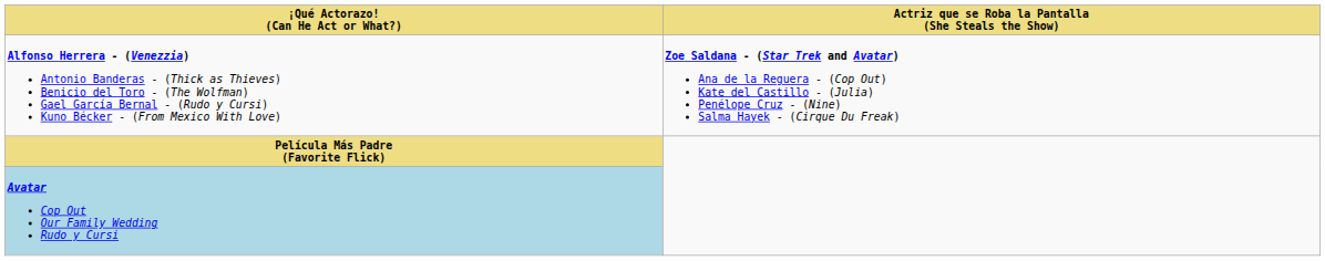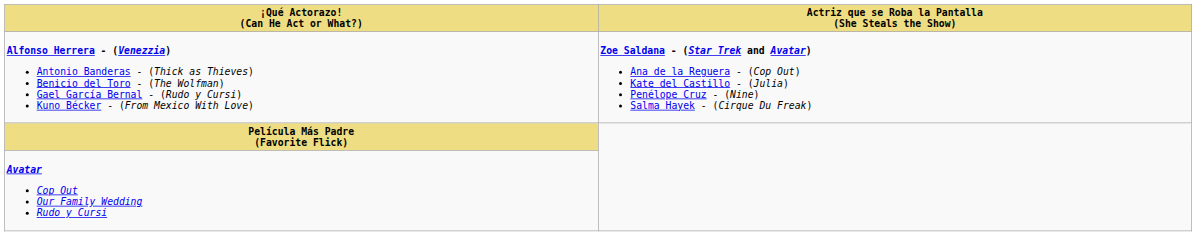 <table class="wikitable" style="width:100%">
 <tr>
 <th style="background:#EEDD82; width:50%">¡Qué Actorazo!<br> (Can He Act or What?)</th>
 <th style="background:#EEDD82; width:50%">Actriz que se Roba la Pantalla<br>(She Steals the Show)</th>
 </tr>
 <tr>
 <td valign="top"><br><strong><a href='#'>Alfonso Herrera</a> - (<em><a href='#'>Venezzia</a></em>)</strong><ul><li><a href='#'>Antonio Banderas</a> - (<em>Thick as Thieves</em>)</li><li><a href='#'>Benicio del Toro</a> - (<em>The Wolfman</em>)</li><li><a href='#'>Gael García Bernal</a> - (<em>Rudo y Cursi</em>)</li><li><a href='#'>Kuno Bécker</a> - (<em>From Mexico With Love</em>)</li></ul></td>
 <td valign="top"><br><strong><a href='#'>Zoe Saldana</a> - (<em><a href='#'>Star Trek</a></em> and <em><a href='#'>Avatar</a></em>)</strong><ul><li><a href='#'>Ana de la Reguera</a> - (<em>Cop Out</em>)</li><li><a href='#'>Kate del Castillo</a> - (<em>Julia</em>)</li><li><a href='#'>Penélope Cruz</a> - (<em>Nine</em>)</li><li><a href='#'>Salma Hayek</a> - (<em>Cirque Du Freak</em>)</li></ul></td>
 </tr>
 <tr>
 <th style="background:#EEDD82; width:50%">Película Más Padre<br>(Favorite Flick)</th>
 <td rowspan="2"></td>
 </tr>
 <tr>
-<td valign="top" style="background: lightblue;"><br><strong><em><a href='#'>Avatar</a></em></strong><ul><li><em><a href='#'>Cop Out</a></em></li><li><em><a href='#'>Our Family Wedding</a></em></li><li><em><a href='#'>Rudo y Cursi</a></em></li></ul></td>
+<td valign="top"><br><strong><em><a href='#'>Avatar</a></em></strong><ul><li><em><a href='#'>Cop Out</a></em></li><li><em><a href='#'>Our Family Wedding</a></em></li><li><em><a href='#'>Rudo y Cursi</a></em></li></ul></td>
 </tr>
 </table>
